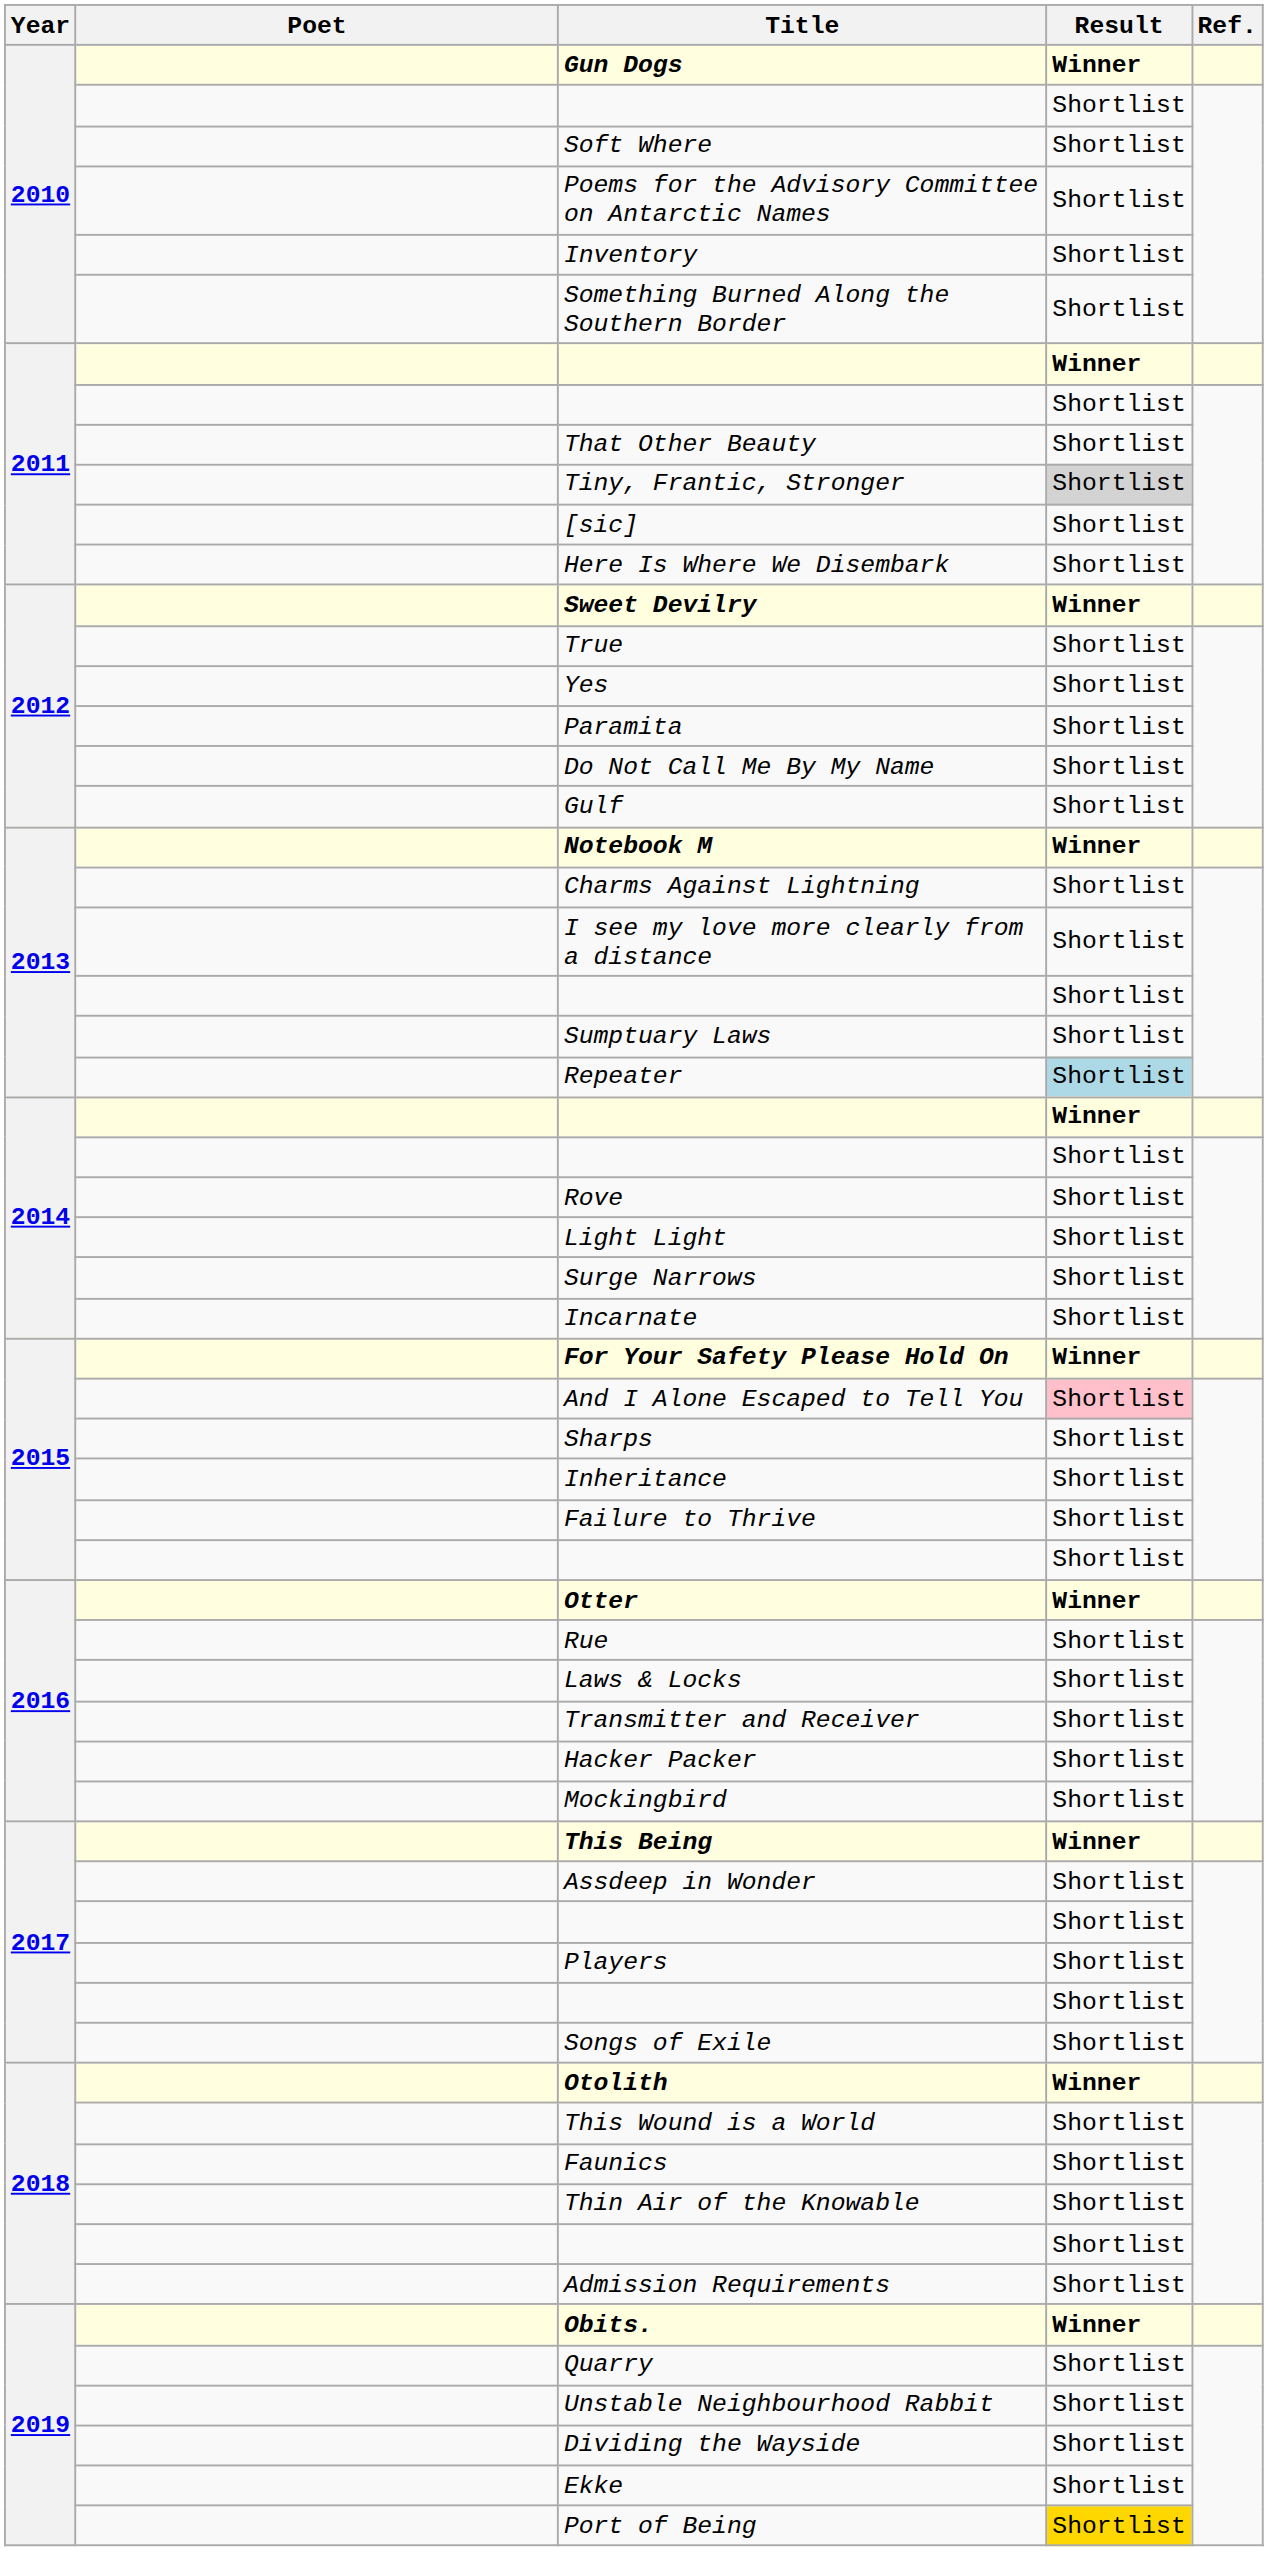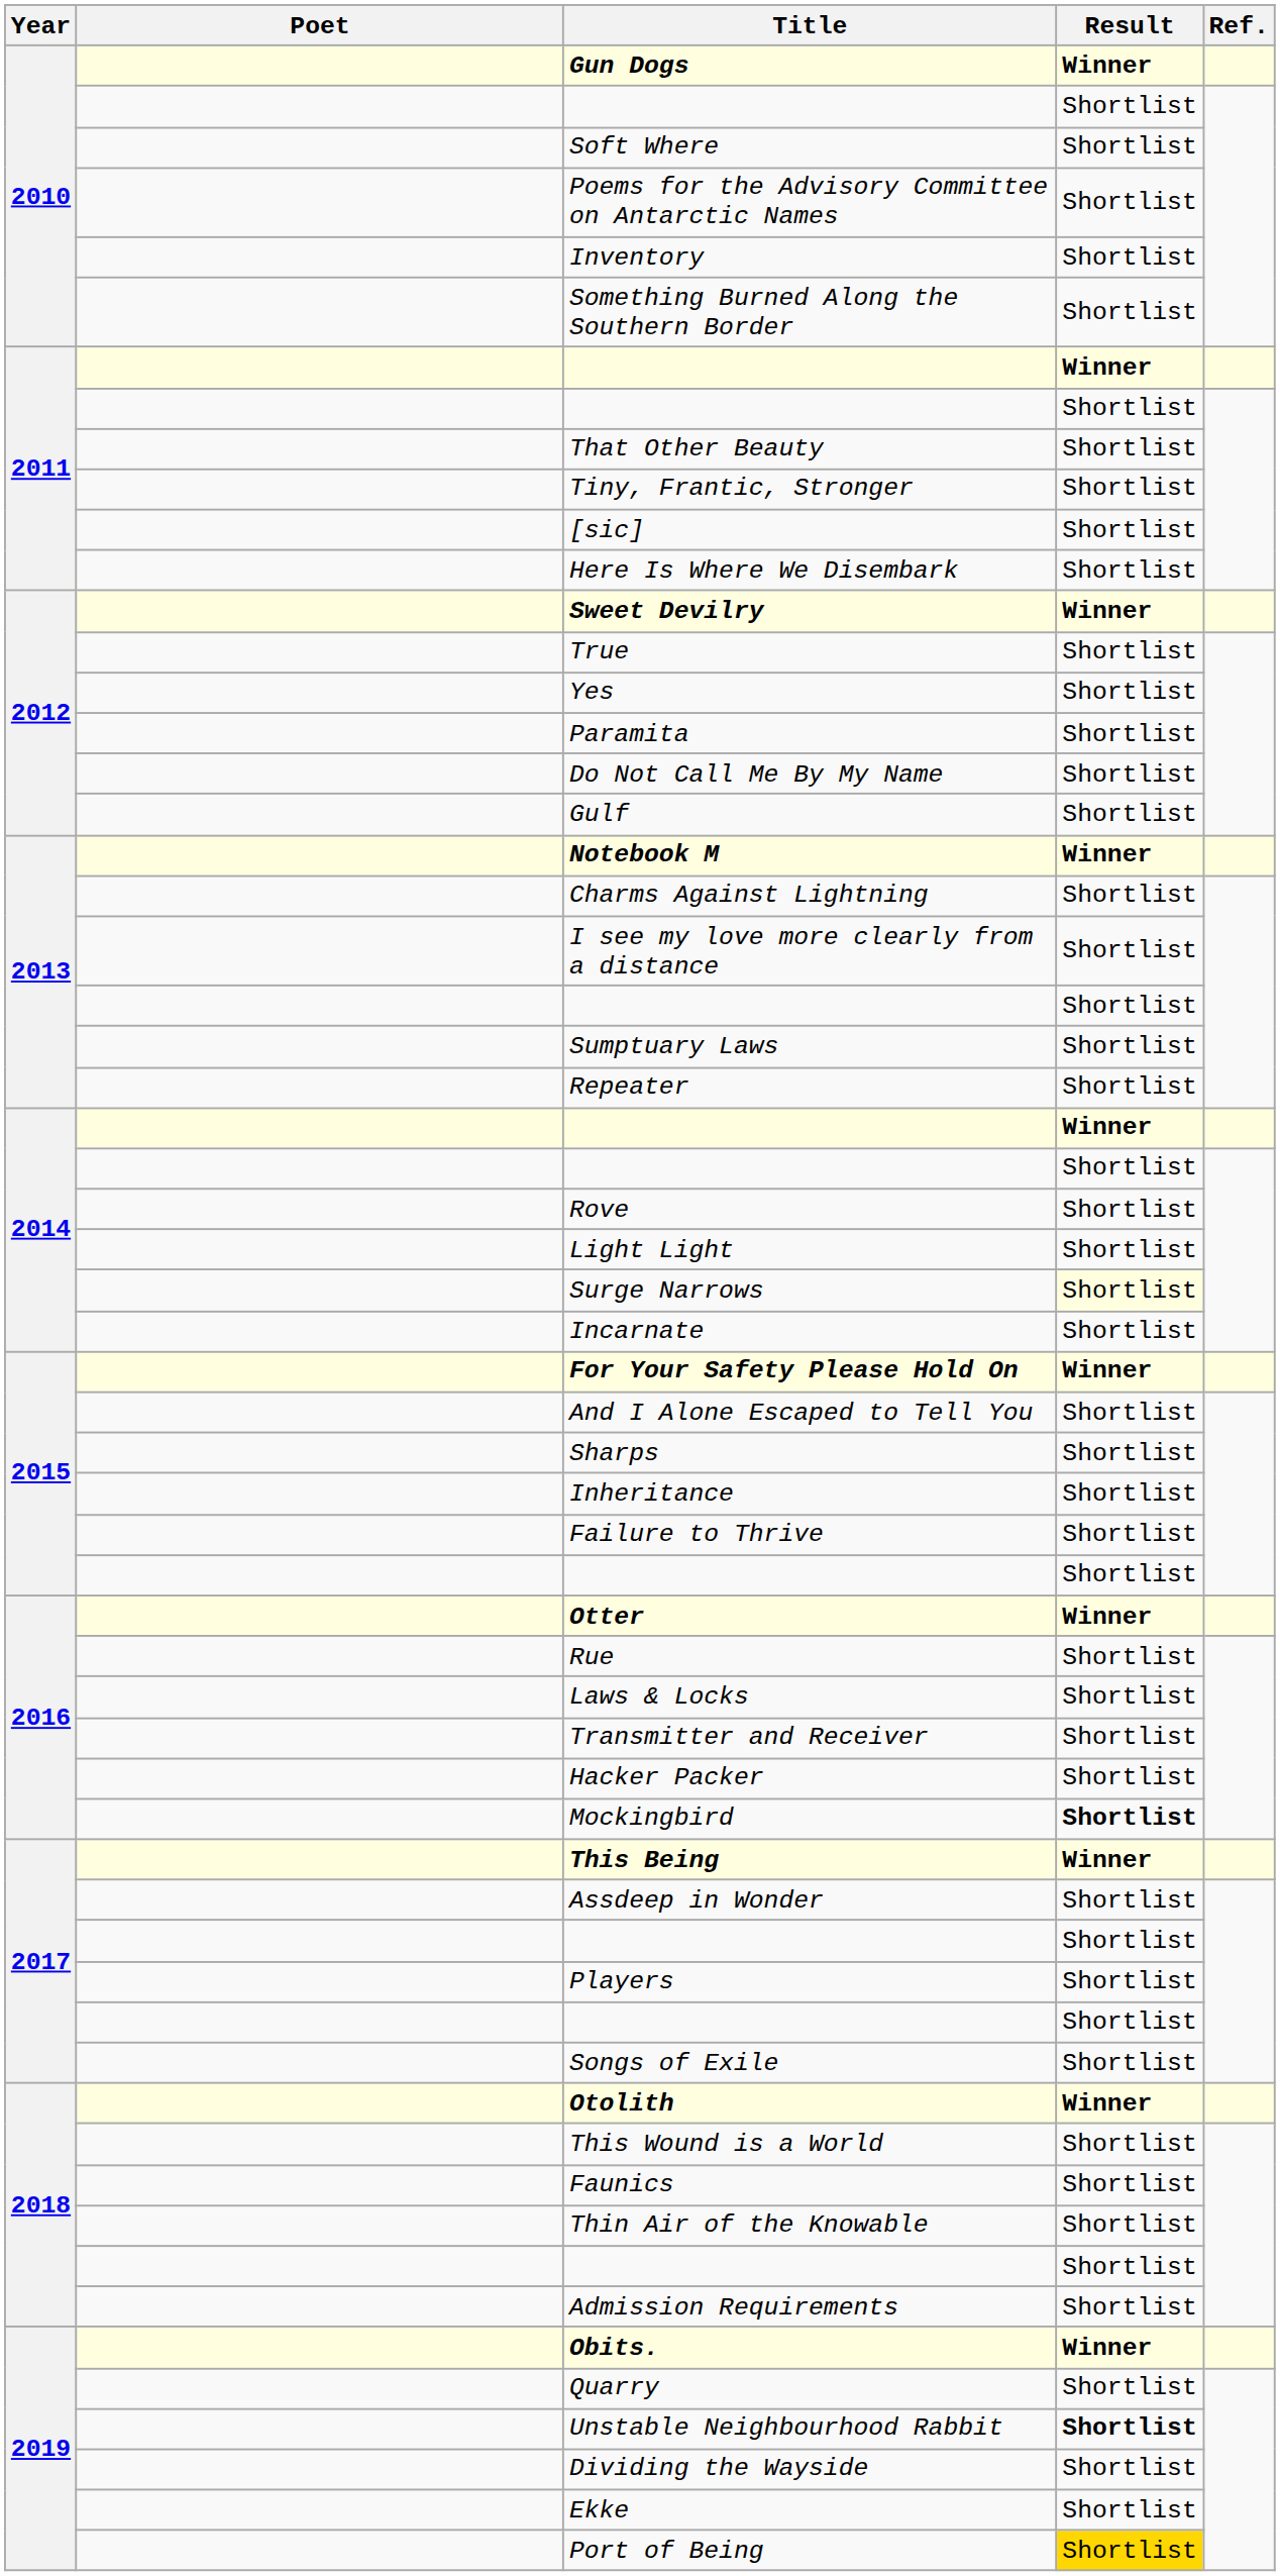 <table class="wikitable sortable mw-collapsible" width=75% width=100%>
 <tr>
 <th width=5%>Year</th>
 <th width=40%>Poet</th>
 <th width=40%>Title</th>
 <th width=10%>Result</th>
 <th width=5% class="unsortable">Ref.</th>
 </tr>
 <tr style=background:lightyellow>
 <th rowspan="6"><a href='#'>2010</a></th>
 <td><strong></strong></td>
 <td><strong><em>Gun Dogs</em></strong></td>
 <td><strong>Winner</strong></td>
 <td></td>
 </tr>
 <tr>
 <td></td>
 <td><em></em></td>
 <td>Shortlist</td>
 <td rowspan=5></td>
 </tr>
 <tr>
 <td></td>
 <td><em>Soft Where</em></td>
 <td>Shortlist</td>
 </tr>
 <tr>
 <td></td>
 <td><em>Poems for the Advisory Committee on Antarctic Names</em></td>
 <td>Shortlist</td>
 </tr>
 <tr>
 <td></td>
 <td><em>Inventory</em></td>
 <td>Shortlist</td>
 </tr>
 <tr>
 <td></td>
 <td><em>Something Burned Along the Southern Border</em></td>
 <td>Shortlist</td>
 </tr>
 <tr style=background:lightyellow>
 <th rowspan="6"><a href='#'>2011</a></th>
 <td><strong></strong></td>
 <td><strong><em></em></strong></td>
 <td><strong>Winner</strong></td>
 <td></td>
 </tr>
 <tr>
 <td></td>
 <td><em></em></td>
 <td>Shortlist</td>
 <td rowspan=5></td>
 </tr>
 <tr>
 <td></td>
 <td><em>That Other Beauty</em></td>
 <td>Shortlist</td>
 </tr>
 <tr>
 <td></td>
 <td><em>Tiny, Frantic, Stronger</em></td>
-<td style="background: lightgrey;">Shortlist</td>
+<td>Shortlist</td>
 </tr>
 <tr>
 <td></td>
 <td><em>[sic]</em></td>
 <td>Shortlist</td>
 </tr>
 <tr>
 <td></td>
 <td><em>Here Is Where We Disembark</em></td>
 <td>Shortlist</td>
 </tr>
 <tr style=background:lightyellow>
 <th rowspan="6"><a href='#'>2012</a></th>
 <td><strong></strong></td>
 <td><strong><em>Sweet Devilry</em></strong></td>
 <td><strong>Winner</strong></td>
 <td></td>
 </tr>
 <tr>
 <td></td>
 <td><em>True</em></td>
 <td>Shortlist</td>
 <td rowspan=5></td>
 </tr>
 <tr>
 <td></td>
 <td><em>Yes</em></td>
 <td>Shortlist</td>
 </tr>
 <tr>
 <td></td>
 <td><em>Paramita</em></td>
 <td>Shortlist</td>
 </tr>
 <tr>
 <td></td>
 <td><em>Do Not Call Me By My Name</em></td>
 <td>Shortlist</td>
 </tr>
 <tr>
 <td></td>
 <td><em>Gulf</em></td>
 <td>Shortlist</td>
 </tr>
 <tr style=background:lightyellow>
 <th rowspan="6"><a href='#'>2013</a></th>
 <td><strong></strong></td>
 <td><strong><em>Notebook M</em></strong></td>
 <td><strong>Winner</strong></td>
 <td></td>
 </tr>
 <tr>
 <td></td>
 <td><em>Charms Against Lightning</em></td>
 <td>Shortlist</td>
 <td rowspan=5></td>
 </tr>
 <tr>
 <td></td>
 <td><em>I see my love more clearly from a distance</em></td>
 <td>Shortlist</td>
 </tr>
 <tr>
 <td></td>
 <td><em></em></td>
 <td>Shortlist</td>
 </tr>
 <tr>
 <td></td>
 <td><em>Sumptuary Laws</em></td>
 <td>Shortlist</td>
 </tr>
 <tr>
 <td></td>
 <td><em>Repeater</em></td>
-<td style="background: lightblue;">Shortlist</td>
+<td>Shortlist</td>
 </tr>
 <tr style=background:lightyellow>
 <th rowspan="6"><a href='#'>2014</a></th>
 <td><strong></strong></td>
 <td><strong><em></em></strong></td>
 <td><strong>Winner</strong></td>
 <td></td>
 </tr>
 <tr>
 <td></td>
 <td><em></em></td>
 <td>Shortlist</td>
 <td rowspan=5></td>
 </tr>
 <tr>
 <td></td>
 <td><em>Rove</em></td>
 <td>Shortlist</td>
 </tr>
 <tr>
 <td></td>
 <td><em>Light Light</em></td>
 <td>Shortlist</td>
 </tr>
 <tr>
 <td></td>
 <td><em>Surge Narrows</em></td>
-<td>Shortlist</td>
+<td style="background: lightyellow;">Shortlist</td>
 </tr>
 <tr>
 <td></td>
 <td><em>Incarnate</em></td>
 <td>Shortlist</td>
 </tr>
 <tr style=background:lightyellow>
 <th rowspan="6"><a href='#'>2015</a></th>
 <td><strong></strong></td>
 <td><strong><em>For Your Safety Please Hold On</em></strong></td>
 <td><strong>Winner</strong></td>
 <td></td>
 </tr>
 <tr>
 <td></td>
 <td><em>And I Alone Escaped to Tell You</em></td>
-<td style="background: pink;">Shortlist</td>
+<td>Shortlist</td>
 <td rowspan=5></td>
 </tr>
 <tr>
 <td></td>
 <td><em>Sharps</em></td>
 <td>Shortlist</td>
 </tr>
 <tr>
 <td></td>
 <td><em>Inheritance</em></td>
 <td>Shortlist</td>
 </tr>
 <tr>
 <td></td>
 <td><em>Failure to Thrive</em></td>
 <td>Shortlist</td>
 </tr>
 <tr>
 <td></td>
 <td><em></em></td>
 <td>Shortlist</td>
 </tr>
 <tr style=background:lightyellow>
 <th rowspan="6"><a href='#'>2016</a></th>
 <td><strong></strong></td>
 <td><strong><em>Otter</em></strong></td>
 <td><strong>Winner</strong></td>
 <td></td>
 </tr>
 <tr>
 <td></td>
 <td><em>Rue</em></td>
 <td>Shortlist</td>
 <td rowspan=5></td>
 </tr>
 <tr>
 <td></td>
 <td><em>Laws & Locks</em></td>
 <td>Shortlist</td>
 </tr>
 <tr>
 <td></td>
 <td><em>Transmitter and Receiver</em></td>
 <td>Shortlist</td>
 </tr>
 <tr>
 <td></td>
 <td><em>Hacker Packer</em></td>
 <td>Shortlist</td>
 </tr>
 <tr>
 <td></td>
 <td><em>Mockingbird</em></td>
-<td>Shortlist</td>
+<td><strong>Shortlist</strong></td>
 </tr>
 <tr style=background:lightyellow>
 <th rowspan="6"><a href='#'>2017</a></th>
 <td><strong></strong></td>
 <td><strong><em>This Being</em></strong></td>
 <td><strong>Winner</strong></td>
 <td></td>
 </tr>
 <tr>
 <td></td>
 <td><em>Assdeep in Wonder</em></td>
 <td>Shortlist</td>
 <td rowspan=5></td>
 </tr>
 <tr>
 <td></td>
 <td><em></em></td>
 <td>Shortlist</td>
 </tr>
 <tr>
 <td></td>
 <td><em>Players</em></td>
 <td>Shortlist</td>
 </tr>
 <tr>
 <td></td>
 <td><em></em></td>
 <td>Shortlist</td>
 </tr>
 <tr>
 <td></td>
 <td><em>Songs of Exile</em></td>
 <td>Shortlist</td>
 </tr>
 <tr style=background:lightyellow>
 <th rowspan="6"><a href='#'>2018</a></th>
 <td><strong></strong></td>
 <td><strong><em>Otolith</em></strong></td>
 <td><strong>Winner</strong></td>
 <td></td>
 </tr>
 <tr>
 <td></td>
 <td><em>This Wound is a World</em></td>
 <td>Shortlist</td>
 <td rowspan=5></td>
 </tr>
 <tr>
 <td></td>
 <td><em>Faunics</em></td>
 <td>Shortlist</td>
 </tr>
 <tr>
 <td></td>
 <td><em>Thin Air of the Knowable</em></td>
 <td>Shortlist</td>
 </tr>
 <tr>
 <td></td>
 <td><em></em></td>
 <td>Shortlist</td>
 </tr>
 <tr>
 <td></td>
 <td><em>Admission Requirements</em></td>
 <td>Shortlist</td>
 </tr>
 <tr style=background:lightyellow>
 <th rowspan="6"><a href='#'>2019</a></th>
 <td><strong></strong></td>
 <td><strong><em>Obits.</em></strong></td>
 <td><strong>Winner</strong></td>
 <td></td>
 </tr>
 <tr>
 <td></td>
 <td><em>Quarry</em></td>
 <td>Shortlist</td>
 <td rowspan=5></td>
 </tr>
 <tr>
 <td></td>
 <td><em>Unstable Neighbourhood Rabbit</em></td>
-<td>Shortlist</td>
+<td><strong>Shortlist</strong></td>
 </tr>
 <tr>
 <td></td>
 <td><em>Dividing the Wayside</em></td>
 <td>Shortlist</td>
 </tr>
 <tr>
 <td></td>
 <td><em>Ekke</em></td>
 <td>Shortlist</td>
 </tr>
 <tr>
 <td></td>
 <td><em>Port of Being</em></td>
 <td style="background: gold;">Shortlist</td>
 </tr>
 </table>
